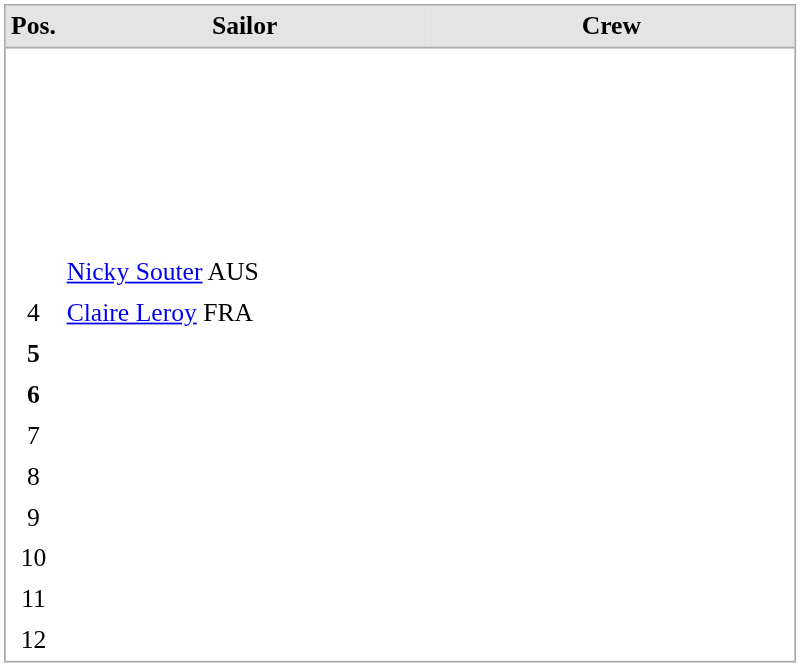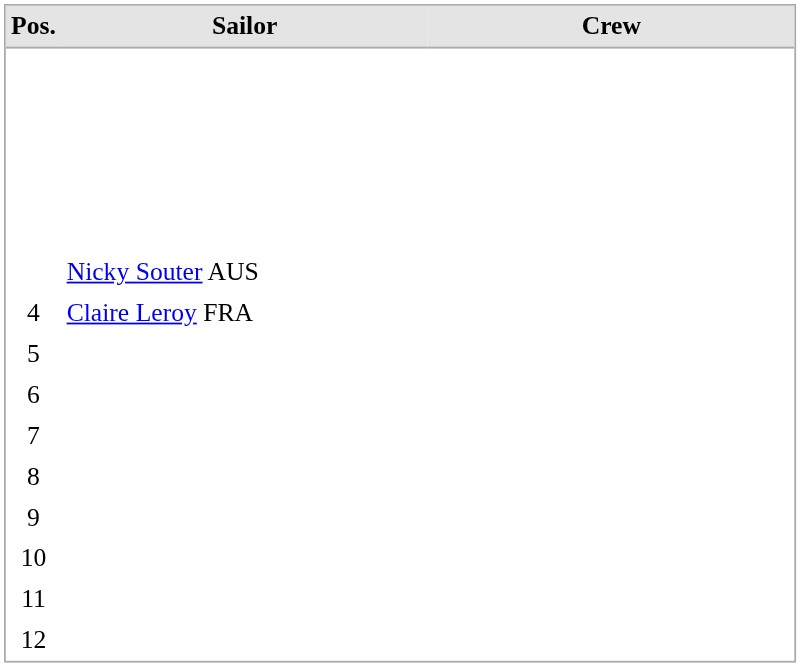 <table cellspacing="0" cellpadding="3" style="border:1px solid #AAAAAA;font-size:90%">
 <tr bgcolor="#E4E4E4">
 <th style="border-bottom:1px solid #AAAAAA" width=10>Pos.</th>
 <th style="border-bottom:1px solid #AAAAAA" width=200>Sailor</th>
 <th style="border-bottom:1px solid #AAAAAA" width=200>Crew</th>
 </tr>
 <tr>
 <td align="center"></td>
 <td><br> <br>  <br> </td>
 </tr>
 <tr>
 <td align="center"></td>
 <td><br> <br>  <br> </td>
 </tr>
 <tr>
 <td align="center"></td>
 <td><a href='#'>Nicky Souter</a> AUS</td>
 <td></td>
 </tr>
 <tr>
 <td align="center">4</td>
 <td><a href='#'>Claire Leroy</a> FRA</td>
 <td></td>
 </tr>
 <tr>
-<td align="center"><strong>5</strong></td>
+<td align="center">5</td>
 <td></td>
 <td></td>
 </tr>
 <tr>
-<td align="center"><strong>6</strong></td>
+<td align="center">6</td>
 <td></td>
 <td></td>
 </tr>
 <tr>
 <td align="center">7</td>
 <td></td>
 <td></td>
 </tr>
 <tr>
 <td align="center">8</td>
 <td></td>
 <td></td>
 </tr>
 <tr>
 <td align="center">9</td>
 <td></td>
 <td></td>
 </tr>
 <tr>
 <td align="center">10</td>
 <td></td>
 <td></td>
 </tr>
 <tr>
 <td align="center">11</td>
 <td></td>
 <td></td>
 </tr>
 <tr>
 <td align="center">12</td>
 <td></td>
 <td></td>
 </tr>
 <tr>
 </tr>
 </table>
